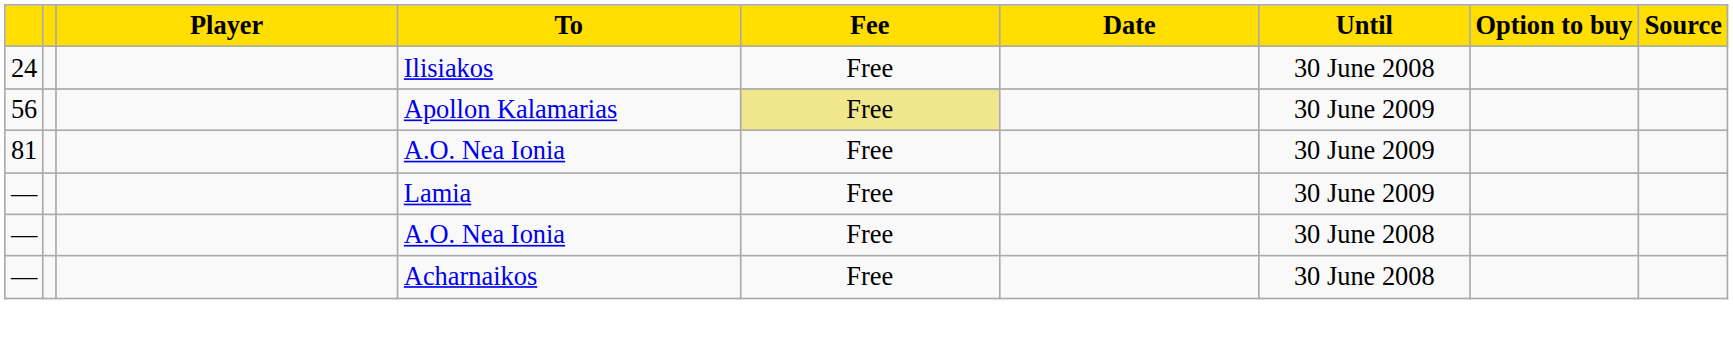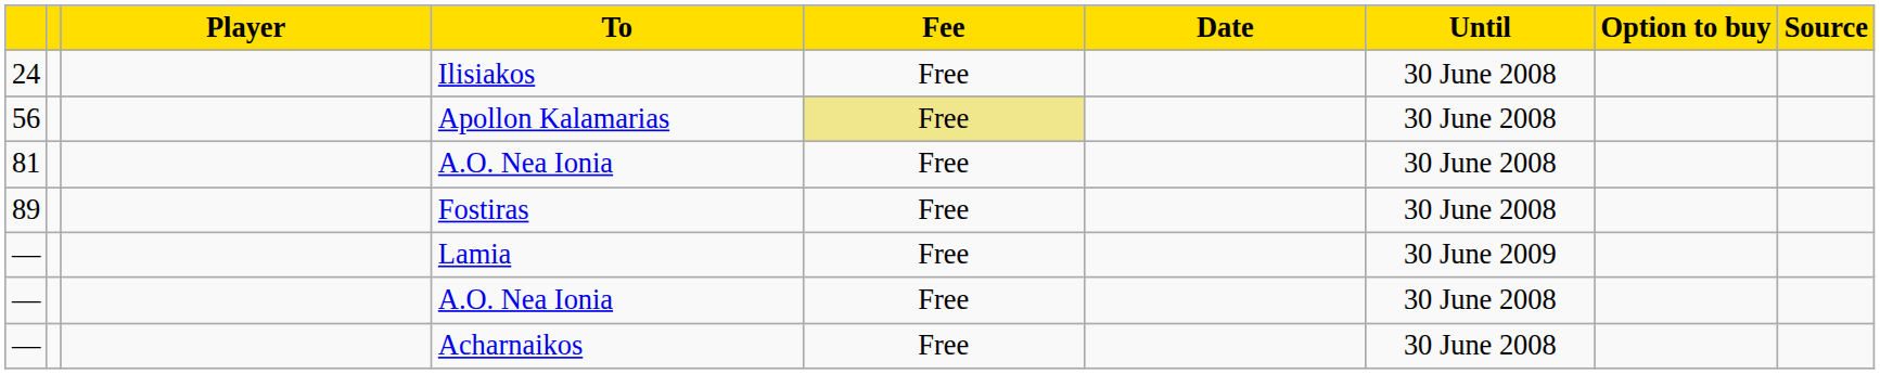 <table class="wikitable sortable">
 <tr>
 <th style="background:#FFDE00"></th>
 <th style="background:#FFDE00"></th>
 <th width=200 style="background:#FFDE00">Player</th>
 <th width=200 style="background:#FFDE00">To</th>
 <th width=150 style="background:#FFDE00">Fee</th>
 <th width=150 style="background:#FFDE00">Date</th>
 <th width=120 style="background:#FFDE00">Until</th>
 <th style="background:#FFDE00">Option to buy</th>
 <th style="background:#FFDE00">Source</th>
 </tr>
 <tr>
 <td align=center>24</td>
 <td align=center></td>
 <td></td>
 <td> <a href='#'>Ilisiakos</a></td>
 <td align=center>Free</td>
 <td align=center></td>
 <td align=center>30 June 2008</td>
 <td align=center></td>
 <td align=center></td>
 </tr>
 <tr>
 <td align=center>56</td>
 <td align=center></td>
 <td></td>
 <td> <a href='#'>Apollon Kalamarias</a></td>
 <td align=center style="background: khaki;">Free</td>
 <td align=center></td>
-<td align=center>30 June 2009</td>
+<td align=center>30 June 2008</td>
 <td align=center></td>
 <td align=center></td>
 </tr>
 <tr>
 <td align=center>81</td>
 <td align=center></td>
 <td></td>
 <td> <a href='#'>A.O. Nea Ionia</a></td>
 <td align=center>Free</td>
 <td align=center></td>
-<td align=center>30 June 2009</td>
+<td align=center>30 June 2008</td>
+<td align=center></td>
+<td align=center></td>
+</tr>
+<tr>
+<td align=center>89</td>
+<td align=center></td>
+<td></td>
+<td> <a href='#'>Fostiras</a></td>
+<td align=center>Free</td>
+<td align=center></td>
+<td align=center>30 June 2008</td>
 <td align=center></td>
 <td align=center></td>
 </tr>
 <tr>
 <td align=center>—</td>
 <td align=center></td>
 <td></td>
 <td> <a href='#'>Lamia</a></td>
 <td align=center>Free</td>
 <td align=center></td>
 <td align=center>30 June 2009</td>
 <td align=center></td>
 <td align=center></td>
 </tr>
 <tr>
 <td align=center>—</td>
 <td align=center></td>
 <td></td>
 <td> <a href='#'>A.O. Nea Ionia</a></td>
 <td align=center>Free</td>
 <td align=center></td>
 <td align=center>30 June 2008</td>
 <td align=center></td>
 <td align=center></td>
 </tr>
 <tr>
 <td align=center>—</td>
 <td align=center></td>
 <td></td>
 <td> <a href='#'>Acharnaikos</a></td>
 <td align=center>Free</td>
 <td align=center></td>
 <td align=center>30 June 2008</td>
 <td align=center></td>
 <td align=center></td>
 </tr>
 </table>
